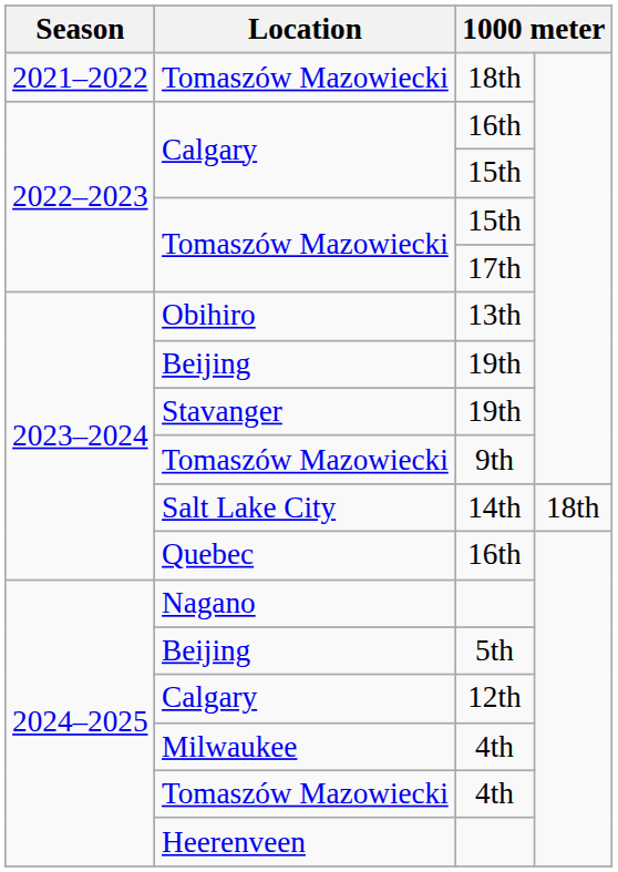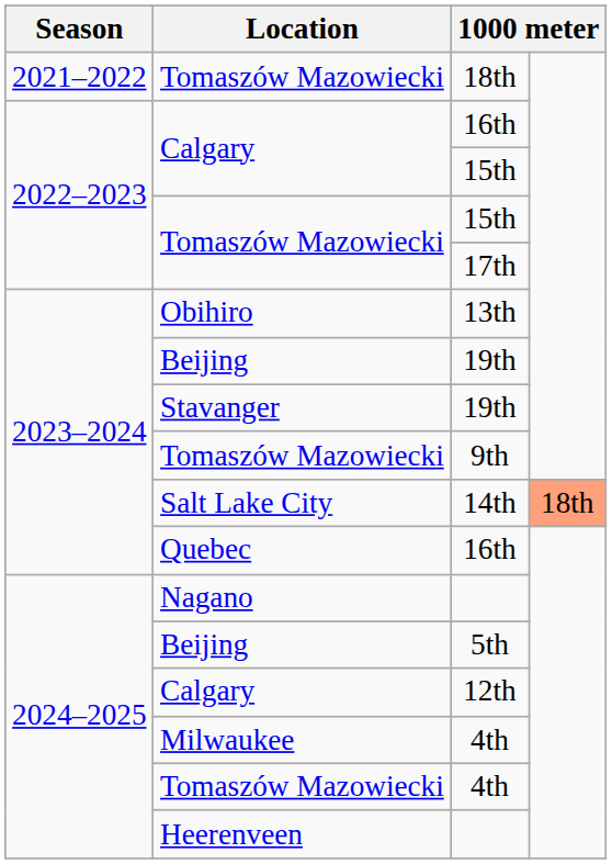 <table class="wikitable" style="display: inline-table;">
 <tr>
 <th>Season</th>
 <th>Location</th>
 <th colspan="2">1000 meter</th>
 </tr>
 <tr style="text-align:center">
 <td rowspan=1><a href='#'>2021–2022</a></td>
 <td align=left> <a href='#'>Tomaszów Mazowiecki</a></td>
 <td>18th</td>
 </tr>
 <tr style="text-align:center">
 <td rowspan=4><a href='#'>2022–2023</a></td>
 <td rowspan=2 align=left> <a href='#'>Calgary</a></td>
 <td>16th</td>
 </tr>
 <tr style="text-align:center">
 <td>15th</td>
 </tr>
 <tr style="text-align:center">
 <td rowspan=2 align=left> <a href='#'>Tomaszów Mazowiecki</a></td>
 <td>15th</td>
 </tr>
 <tr style="text-align:center">
 <td>17th</td>
 </tr>
 <tr style="text-align:center">
 <td rowspan=6><a href='#'>2023–2024</a></td>
 <td align=left> <a href='#'>Obihiro</a></td>
 <td>13th</td>
 </tr>
 <tr style="text-align:center">
 <td align=left> <a href='#'>Beijing</a></td>
 <td>19th</td>
 </tr>
 <tr style="text-align:center">
 <td align=left> <a href='#'>Stavanger</a></td>
 <td>19th</td>
 </tr>
 <tr style="text-align:center">
 <td align=left> <a href='#'>Tomaszów Mazowiecki</a></td>
 <td>9th</td>
 </tr>
 <tr style="text-align:center">
 <td align=left> <a href='#'>Salt Lake City</a></td>
 <td>14th</td>
-<td>18th</td>
+<td style="background: lightsalmon;">18th</td>
 </tr>
 <tr style="text-align:center">
 <td align=left> <a href='#'>Quebec</a></td>
 <td>16th</td>
 </tr>
 <tr style="text-align:center">
 <td rowspan=6><a href='#'>2024–2025</a></td>
 <td align=left> <a href='#'>Nagano</a></td>
 <td></td>
 </tr>
 <tr style="text-align:center">
 <td align=left> <a href='#'>Beijing</a></td>
 <td>5th</td>
 </tr>
 <tr style="text-align:center">
 <td align=left> <a href='#'>Calgary</a></td>
 <td>12th</td>
 </tr>
 <tr style="text-align:center">
 <td align=left> <a href='#'>Milwaukee</a></td>
 <td>4th</td>
 </tr>
 <tr style="text-align:center">
 <td align=left> <a href='#'>Tomaszów Mazowiecki</a></td>
 <td>4th</td>
 </tr>
 <tr style="text-align:center">
 <td align=left> <a href='#'>Heerenveen</a></td>
 <td></td>
 </tr>
 </table>
